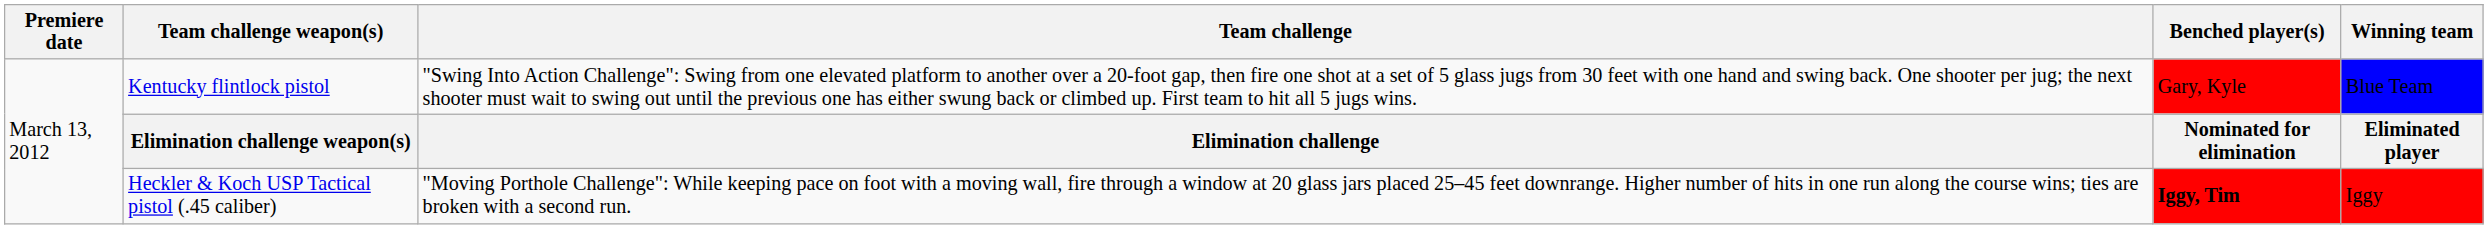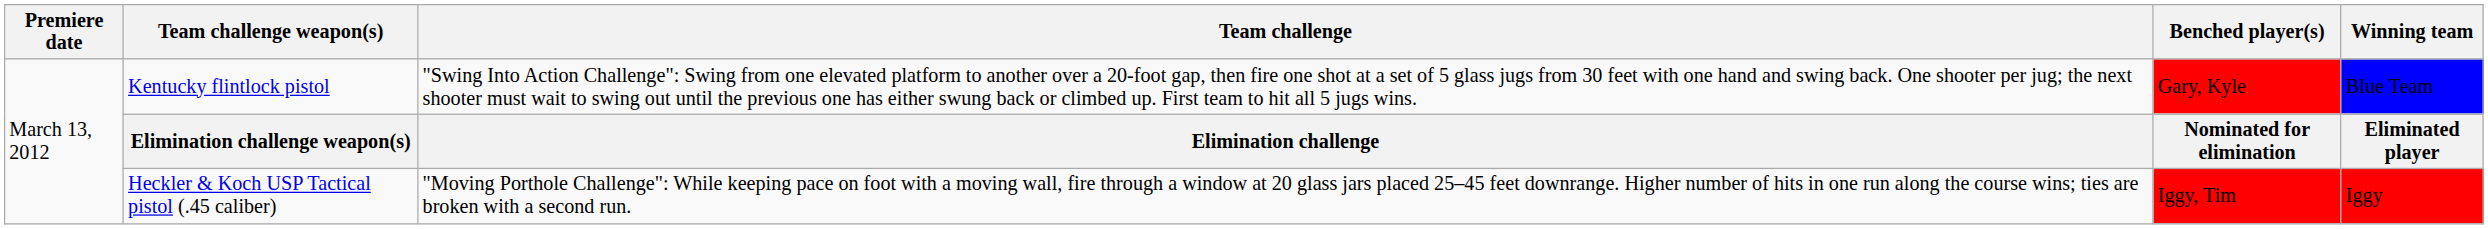 <table class="wikitable">
 <tr>
 <th>Premiere date</th>
 <th>Team challenge weapon(s)</th>
 <th>Team challenge</th>
 <th>Benched player(s)</th>
 <th>Winning team</th>
 </tr>
 <tr>
 <td rowspan="3">March 13, 2012</td>
 <td><a href='#'>Kentucky flintlock pistol</a></td>
 <td>"Swing Into Action Challenge": Swing from one elevated platform to another over a 20-foot gap, then fire one shot at a set of 5 glass jugs from 30 feet with one hand and swing back. One shooter per jug; the next shooter must wait to swing out until the previous one has either swung back or climbed up. First team to hit all 5 jugs wins.</td>
 <td bgcolor="red"><span>Gary, Kyle</span></td>
 <td bgcolor="blue"><span>Blue Team</span></td>
 </tr>
 <tr>
 <th>Elimination challenge weapon(s)</th>
 <th>Elimination challenge</th>
 <th>Nominated for elimination</th>
 <th>Eliminated player</th>
 </tr>
 <tr>
 <td><a href='#'>Heckler & Koch USP Tactical pistol</a> (.45 caliber)</td>
 <td>"Moving Porthole Challenge": While keeping pace on foot with a moving wall, fire through a window at 20 glass jars placed 25–45 feet downrange. Higher number of hits in one run along the course wins; ties are broken with a second run.</td>
-<td bgcolor="red"><strong><span>Iggy, Tim</span></strong></td>
+<td bgcolor="red"><span>Iggy, Tim</span></td>
 <td bgcolor="red"><span>Iggy</span></td>
 </tr>
 </table>
